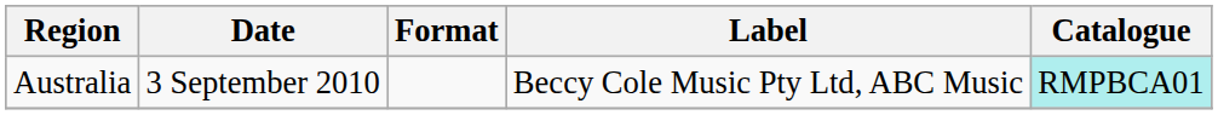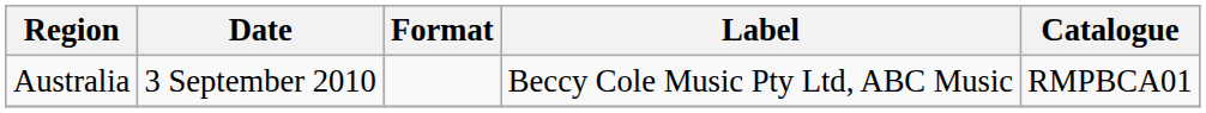 <table class="wikitable plainrowheaders">
 <tr>
 <th scope="col">Region</th>
 <th scope="col">Date</th>
 <th scope="col">Format</th>
 <th scope="col">Label</th>
 <th scope="col">Catalogue</th>
 </tr>
 <tr>
 <td>Australia</td>
 <td>3 September 2010</td>
 <td></td>
 <td>Beccy Cole Music Pty Ltd, ABC Music</td>
-<td style="background: paleturquoise;">RMPBCA01</td>
+<td>RMPBCA01</td>
 </tr>
 <tr>
 </tr>
 </table>
